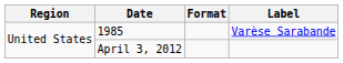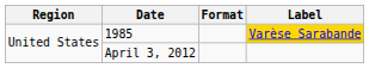 <table class="wikitable">
 <tr>
 <th>Region</th>
 <th>Date</th>
 <th>Format</th>
 <th>Label</th>
 </tr>
 <tr>
 <td rowspan="2">United States</td>
 <td>1985</td>
 <td></td>
-<td><a href='#'>Varèse Sarabande</a></td>
+<td style="background: gold;"><a href='#'>Varèse Sarabande</a></td>
 </tr>
 <tr>
 <td>April 3, 2012</td>
 <td></td>
 <td></td>
 </tr>
 </table>
